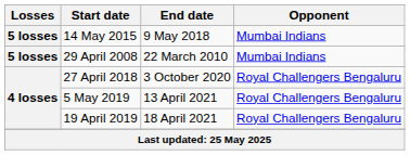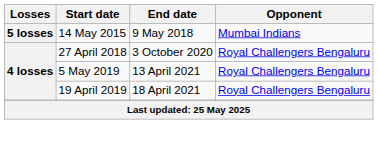 <table class="wikitable sortable" style="text-align:left;font-size:96%;">
 <tr>
 <th>Losses</th>
 <th>Start date</th>
 <th>End date</th>
 <th>Opponent</th>
 </tr>
 <tr>
 <th>5 losses</th>
 <td>14 May 2015</td>
 <td>9 May 2018</td>
-<td><a href='#'>Mumbai Indians</a></td>
-</tr>
-<tr>
-<th>5 losses</th>
-<td>29 April 2008</td>
-<td>22 March 2010</td>
 <td><a href='#'>Mumbai Indians</a></td>
 </tr>
 <tr>
 <th rowspan=3>4 losses</th>
 <td>27 April 2018</td>
 <td>3 October 2020</td>
 <td><a href='#'>Royal Challengers Bengaluru</a></td>
 </tr>
 <tr>
 <td>5 May 2019</td>
 <td>13 April 2021</td>
 <td><a href='#'>Royal Challengers Bengaluru</a></td>
 </tr>
 <tr>
 <td>19 April 2019</td>
 <td>18 April 2021</td>
 <td><a href='#'>Royal Challengers Bengaluru</a></td>
 </tr>
 <tr>
 </tr>
 <tr class="sortbottom">
 <th colspan="4"><small>Last updated: 25 May 2025</small></th>
 </tr>
 </table>
